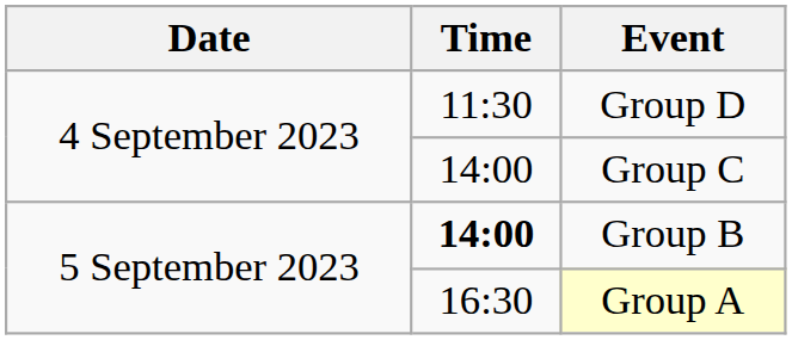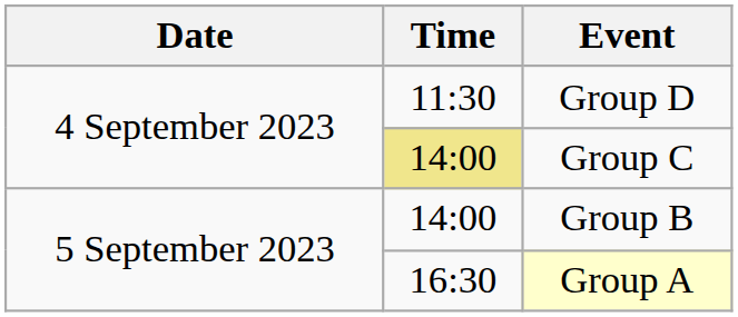 <table class = "wikitable" style="text-align:center;">
 <tr>
 <th width=150>Date</th>
 <th width=50>Time</th>
 <th width=80>Event</th>
 </tr>
 <tr>
 <td rowspan=2>4 September 2023</td>
 <td>11:30</td>
 <td>Group D</td>
 </tr>
 <tr>
-<td>14:00</td>
+<td style="background: khaki;">14:00</td>
 <td>Group C</td>
 </tr>
 <tr>
 <td rowspan=2>5 September 2023</td>
-<td><strong>14:00</strong></td>
+<td>14:00</td>
 <td>Group B</td>
 </tr>
 <tr>
 <td>16:30</td>
 <td bgcolor=ffffcc>Group A</td>
 </tr>
 </table>
